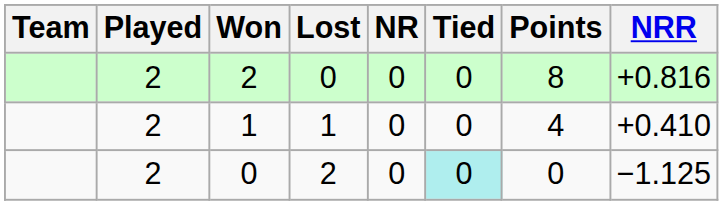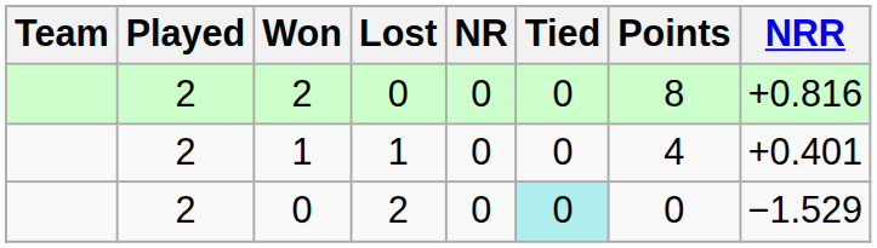 <table class="wikitable" style="text-align:center">
 <tr>
 <th>Team</th>
 <th>Played</th>
 <th>Won</th>
 <th>Lost</th>
 <th>NR</th>
 <th>Tied</th>
 <th>Points</th>
 <th><a href='#'>NRR</a></th>
 </tr>
 <tr style="background:#ccffcc">
 <td></td>
 <td>2</td>
 <td>2</td>
 <td>0</td>
 <td>0</td>
 <td>0</td>
 <td>8</td>
 <td>+0.816</td>
 </tr>
 <tr>
 <td></td>
 <td>2</td>
 <td>1</td>
 <td>1</td>
 <td>0</td>
 <td>0</td>
 <td>4</td>
-<td>+0.410</td>
+<td>+0.401</td>
 </tr>
 <tr>
 <td></td>
 <td>2</td>
 <td>0</td>
 <td>2</td>
 <td>0</td>
 <td style="background: paleturquoise;">0</td>
 <td>0</td>
-<td>−1.125</td>
+<td>−1.529</td>
 </tr>
 </table>
